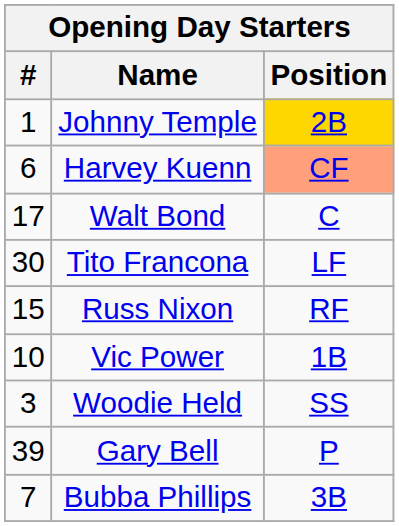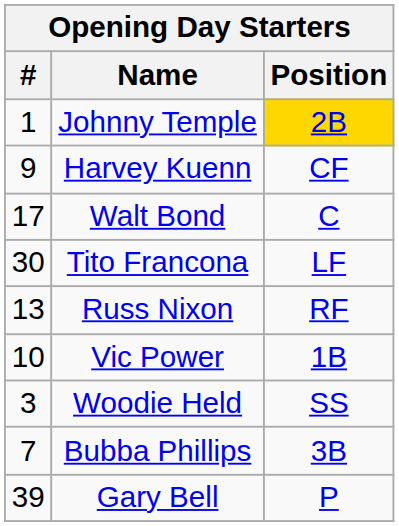 <table class="wikitable" style="text-align:center">
 <tr>
 <th colspan="3">Opening Day Starters</th>
 </tr>
 <tr>
 <th>#</th>
 <th>Name</th>
 <th>Position</th>
 </tr>
 <tr>
 <td>1</td>
 <td><a href='#'>Johnny Temple</a></td>
 <td style="background: gold;"><a href='#'>2B</a></td>
 </tr>
 <tr>
-<td>6</td>
+<td>9</td>
 <td><a href='#'>Harvey Kuenn</a></td>
-<td style="background: lightsalmon;"><a href='#'>CF</a></td>
+<td><a href='#'>CF</a></td>
 </tr>
 <tr>
 <td>17</td>
 <td><a href='#'>Walt Bond</a></td>
 <td><a href='#'>C</a></td>
 </tr>
 <tr>
 <td>30</td>
 <td><a href='#'>Tito Francona</a></td>
 <td><a href='#'>LF</a></td>
 </tr>
 <tr>
-<td>15</td>
+<td>13</td>
 <td><a href='#'>Russ Nixon</a></td>
 <td><a href='#'>RF</a></td>
 </tr>
 <tr>
 <td>10</td>
 <td><a href='#'>Vic Power</a></td>
 <td><a href='#'>1B</a></td>
 </tr>
 <tr>
 <td>3</td>
 <td><a href='#'>Woodie Held</a></td>
 <td><a href='#'>SS</a></td>
 </tr>
 <tr>
+<td>7</td>
+<td><a href='#'>Bubba Phillips</a></td>
+<td><a href='#'>3B</a></td>
+</tr>
+<tr>
 <td>39</td>
 <td><a href='#'>Gary Bell</a></td>
 <td><a href='#'>P</a></td>
 </tr>
-<tr>
-<td>7</td>
-<td><a href='#'>Bubba Phillips</a></td>
-<td><a href='#'>3B</a></td>
-</tr>
 </table>
